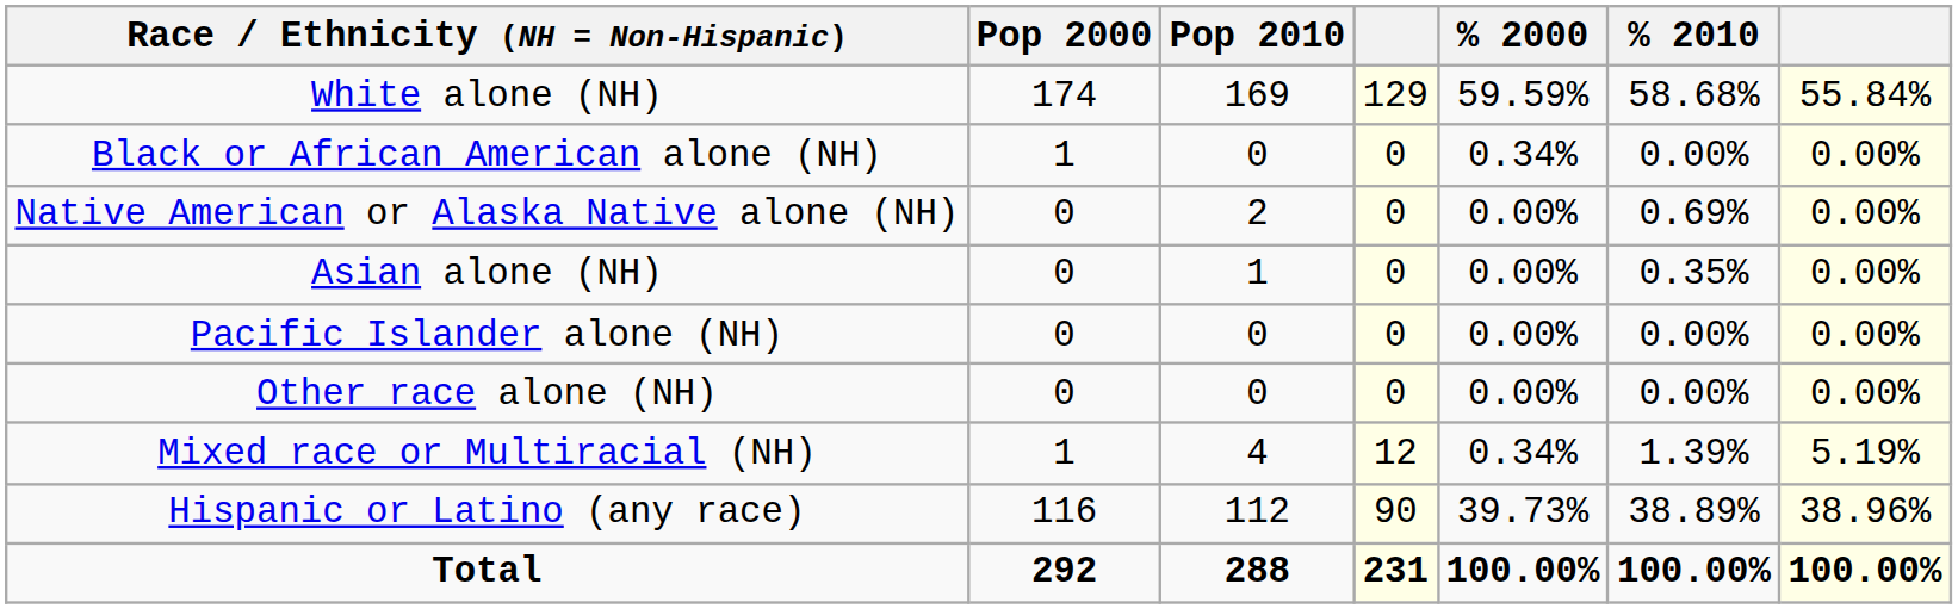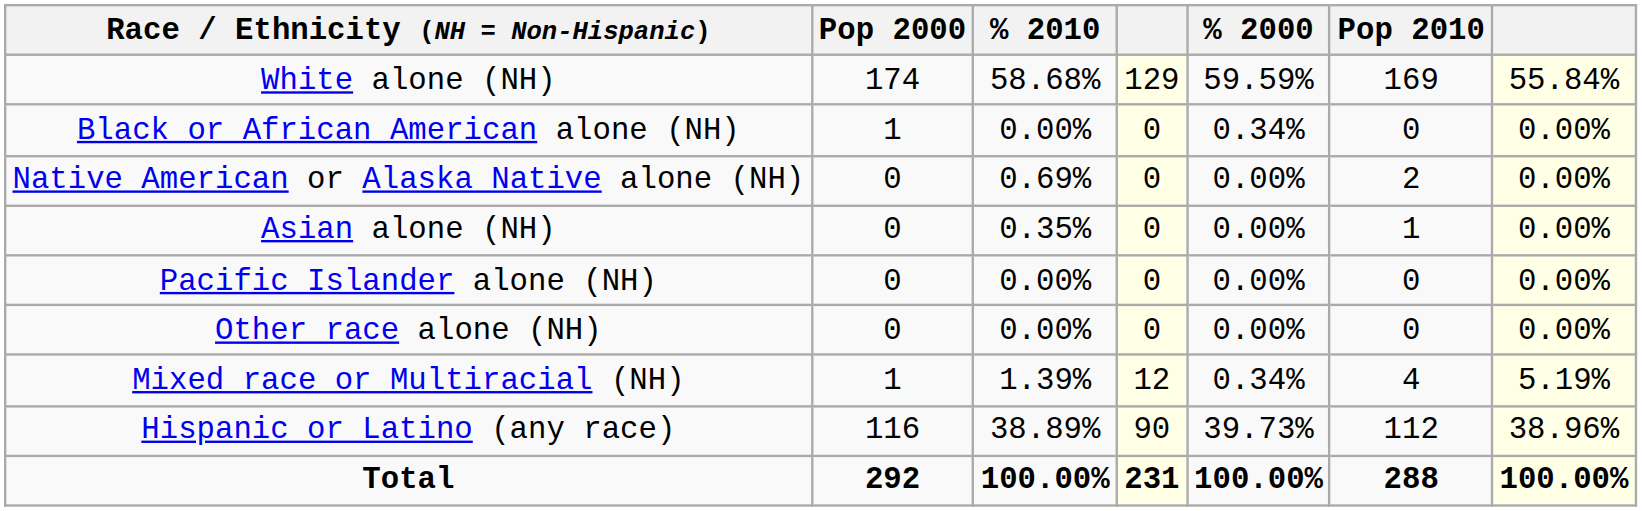 <table class="wikitable" style="text-align:center;">
 <tr>
 <th>Race / Ethnicity <small>(<em>NH = Non-Hispanic</em>)</small></th>
 <th>Pop 2000</th>
-<th>Pop 2010</th>
+<th>% 2010</th>
 <th></th>
 <th>% 2000</th>
-<th>% 2010</th>
+<th>Pop 2010</th>
 <th></th>
 </tr>
 <tr>
 <td><a href='#'>White</a> alone (NH)</td>
 <td>174</td>
-<td>169</td>
+<td>58.68%</td>
 <td style='background: #ffffe6;'>129</td>
 <td>59.59%</td>
-<td>58.68%</td>
+<td>169</td>
 <td style='background: #ffffe6;'>55.84%</td>
 </tr>
 <tr>
 <td><a href='#'>Black or African American</a> alone (NH)</td>
 <td>1</td>
-<td>0</td>
+<td>0.00%</td>
 <td style='background: #ffffe6;'>0</td>
 <td>0.34%</td>
-<td>0.00%</td>
+<td>0</td>
 <td style='background: #ffffe6;'>0.00%</td>
 </tr>
 <tr>
 <td><a href='#'>Native American</a> or <a href='#'>Alaska Native</a> alone (NH)</td>
 <td>0</td>
-<td>2</td>
+<td>0.69%</td>
 <td style='background: #ffffe6;'>0</td>
 <td>0.00%</td>
-<td>0.69%</td>
+<td>2</td>
 <td style='background: #ffffe6;'>0.00%</td>
 </tr>
 <tr>
 <td><a href='#'>Asian</a> alone (NH)</td>
 <td>0</td>
-<td>1</td>
+<td>0.35%</td>
 <td style='background: #ffffe6;'>0</td>
 <td>0.00%</td>
-<td>0.35%</td>
+<td>1</td>
 <td style='background: #ffffe6;'>0.00%</td>
 </tr>
 <tr>
 <td><a href='#'>Pacific Islander</a> alone (NH)</td>
 <td>0</td>
-<td>0</td>
+<td>0.00%</td>
 <td style='background: #ffffe6;'>0</td>
 <td>0.00%</td>
-<td>0.00%</td>
+<td>0</td>
 <td style='background: #ffffe6;'>0.00%</td>
 </tr>
 <tr>
 <td><a href='#'>Other race</a> alone (NH)</td>
 <td>0</td>
-<td>0</td>
+<td>0.00%</td>
 <td style='background: #ffffe6;'>0</td>
 <td>0.00%</td>
-<td>0.00%</td>
+<td>0</td>
 <td style='background: #ffffe6;'>0.00%</td>
 </tr>
 <tr>
 <td><a href='#'>Mixed race or Multiracial</a> (NH)</td>
 <td>1</td>
-<td>4</td>
+<td>1.39%</td>
 <td style='background: #ffffe6;'>12</td>
 <td>0.34%</td>
-<td>1.39%</td>
+<td>4</td>
 <td style='background: #ffffe6;'>5.19%</td>
 </tr>
 <tr>
 <td><a href='#'>Hispanic or Latino</a> (any race)</td>
 <td>116</td>
-<td>112</td>
+<td>38.89%</td>
 <td style='background: #ffffe6;'>90</td>
 <td>39.73%</td>
-<td>38.89%</td>
+<td>112</td>
 <td style='background: #ffffe6;'>38.96%</td>
 </tr>
 <tr>
 <td><strong>Total</strong></td>
 <td><strong>292</strong></td>
-<td><strong>288</strong></td>
+<td><strong>100.00%</strong></td>
 <td style='background: #ffffe6;'><strong>231</strong></td>
 <td><strong>100.00%</strong></td>
-<td><strong>100.00%</strong></td>
+<td><strong>288</strong></td>
 <td style='background: #ffffe6;'><strong>100.00%</strong></td>
 </tr>
 </table>
